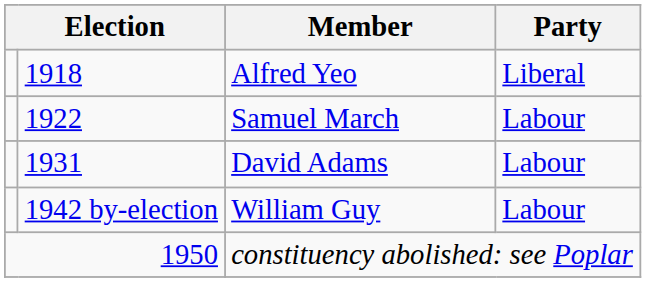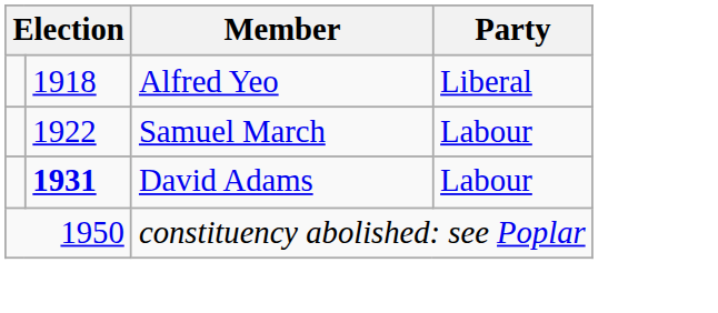 <table class="wikitable">
 <tr>
 <th colspan="2">Election</th>
 <th>Member</th>
 <th>Party</th>
 </tr>
 <tr>
 <td style="color:inherit;background-color: "></td>
 <td><a href='#'>1918</a></td>
 <td><a href='#'>Alfred Yeo</a></td>
 <td><a href='#'>Liberal</a></td>
 </tr>
 <tr>
 <td style="color:inherit;background-color: "></td>
 <td><a href='#'>1922</a></td>
 <td><a href='#'>Samuel March</a></td>
 <td><a href='#'>Labour</a></td>
 </tr>
 <tr>
 <td style="color:inherit;background-color: "></td>
-<td><a href='#'>1931</a></td>
+<td><strong><a href='#'>1931</a></strong></td>
 <td><a href='#'>David Adams</a></td>
-<td><a href='#'>Labour</a></td>
-</tr>
-<tr>
-<td style="color:inherit;background-color: "></td>
-<td><a href='#'>1942 by-election</a></td>
-<td><a href='#'>William Guy</a></td>
 <td><a href='#'>Labour</a></td>
 </tr>
 <tr>
 <td colspan="2" align="right"><a href='#'>1950</a></td>
 <td colspan="2"><em>constituency abolished: see <a href='#'>Poplar</a></em></td>
 </tr>
 </table>
